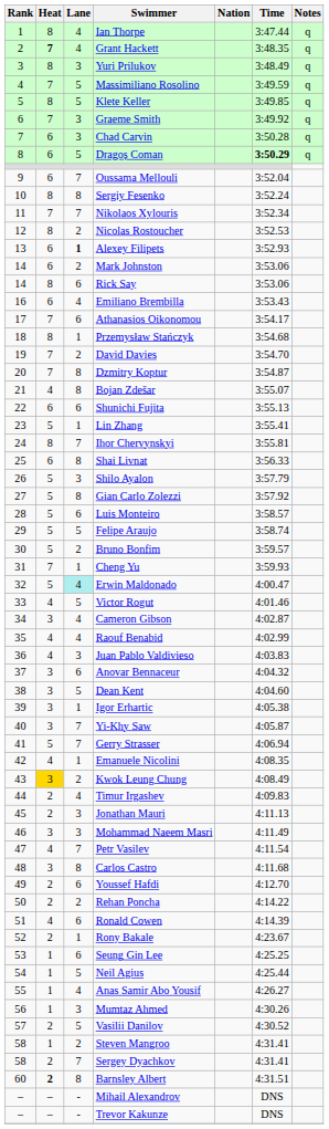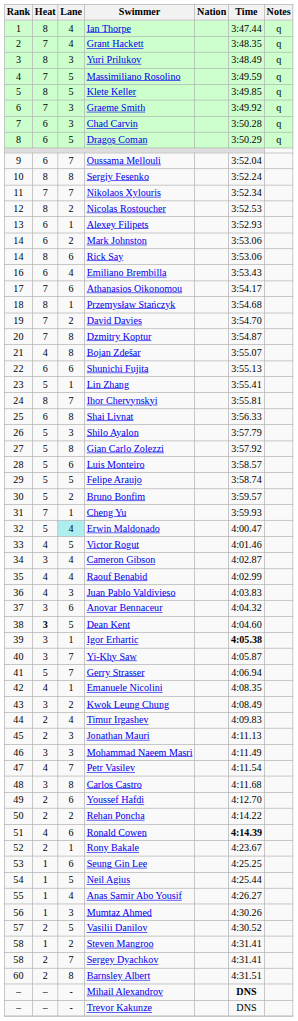 <table class="wikitable sortable" style="text-align:center">
 <tr>
 <th>Rank</th>
 <th>Heat</th>
 <th>Lane</th>
 <th>Swimmer</th>
 <th>Nation</th>
 <th>Time</th>
 <th>Notes</th>
 </tr>
 <tr bgcolor=ccffcc>
 <td>1</td>
 <td>8</td>
 <td>4</td>
 <td align=left><a href='#'>Ian Thorpe</a></td>
 <td align=left></td>
 <td>3:47.44</td>
 <td>q</td>
 </tr>
 <tr bgcolor=ccffcc>
 <td>2</td>
-<td><strong>7</strong></td>
+<td>7</td>
 <td>4</td>
 <td align=left><a href='#'>Grant Hackett</a></td>
 <td align=left></td>
 <td>3:48.35</td>
 <td>q</td>
 </tr>
 <tr bgcolor=ccffcc>
 <td>3</td>
 <td>8</td>
 <td>3</td>
 <td align=left><a href='#'>Yuri Prilukov</a></td>
 <td align=left></td>
 <td>3:48.49</td>
 <td>q</td>
 </tr>
 <tr bgcolor=ccffcc>
 <td>4</td>
 <td>7</td>
 <td>5</td>
 <td align=left><a href='#'>Massimiliano Rosolino</a></td>
 <td align=left></td>
 <td>3:49.59</td>
 <td>q</td>
 </tr>
 <tr bgcolor=ccffcc>
 <td>5</td>
 <td>8</td>
 <td>5</td>
 <td align=left><a href='#'>Klete Keller</a></td>
 <td align=left></td>
 <td>3:49.85</td>
 <td>q</td>
 </tr>
 <tr bgcolor=ccffcc>
 <td>6</td>
 <td>7</td>
 <td>3</td>
 <td align=left><a href='#'>Graeme Smith</a></td>
 <td align=left></td>
 <td>3:49.92</td>
 <td>q</td>
 </tr>
 <tr bgcolor=ccffcc>
 <td>7</td>
 <td>6</td>
 <td>3</td>
 <td align=left><a href='#'>Chad Carvin</a></td>
 <td align=left></td>
 <td>3:50.28</td>
 <td>q</td>
 </tr>
 <tr bgcolor=ccffcc>
 <td>8</td>
 <td>6</td>
 <td>5</td>
 <td align=left><a href='#'>Dragoș Coman</a></td>
 <td align=left></td>
-<td><strong>3:50.29</strong></td>
+<td>3:50.29</td>
 <td>q</td>
 </tr>
 <tr bgcolor=#DDDDDD>
 <td colspan=6></td>
 </tr>
 <tr>
 <td>9</td>
 <td>6</td>
 <td>7</td>
 <td align=left><a href='#'>Oussama Mellouli</a></td>
 <td align=left></td>
 <td>3:52.04</td>
 <td></td>
 </tr>
 <tr>
 <td>10</td>
 <td>8</td>
 <td>8</td>
 <td align=left><a href='#'>Sergiy Fesenko</a></td>
 <td align=left></td>
 <td>3:52.24</td>
 <td></td>
 </tr>
 <tr>
 <td>11</td>
 <td>7</td>
 <td>7</td>
 <td align=left><a href='#'>Nikolaos Xylouris</a></td>
 <td align=left></td>
 <td>3:52.34</td>
 <td></td>
 </tr>
 <tr>
 <td>12</td>
 <td>8</td>
 <td>2</td>
 <td align=left><a href='#'>Nicolas Rostoucher</a></td>
 <td align=left></td>
 <td>3:52.53</td>
 <td></td>
 </tr>
 <tr>
 <td>13</td>
 <td>6</td>
-<td><strong>1</strong></td>
+<td>1</td>
 <td align=left><a href='#'>Alexey Filipets</a></td>
 <td align=left></td>
 <td>3:52.93</td>
 <td></td>
 </tr>
 <tr>
 <td>14</td>
 <td>6</td>
 <td>2</td>
 <td align=left><a href='#'>Mark Johnston</a></td>
 <td align=left></td>
 <td>3:53.06</td>
 <td></td>
 </tr>
 <tr>
 <td>14</td>
 <td>8</td>
 <td>6</td>
 <td align=left><a href='#'>Rick Say</a></td>
 <td align=left></td>
 <td>3:53.06</td>
 <td></td>
 </tr>
 <tr>
 <td>16</td>
 <td>6</td>
 <td>4</td>
 <td align=left><a href='#'>Emiliano Brembilla</a></td>
 <td align=left></td>
 <td>3:53.43</td>
 <td></td>
 </tr>
 <tr>
 <td>17</td>
 <td>7</td>
 <td>6</td>
 <td align=left><a href='#'>Athanasios Oikonomou</a></td>
 <td align=left></td>
 <td>3:54.17</td>
 <td></td>
 </tr>
 <tr>
 <td>18</td>
 <td>8</td>
 <td>1</td>
 <td align=left><a href='#'>Przemysław Stańczyk</a></td>
 <td align=left></td>
 <td>3:54.68</td>
 <td></td>
 </tr>
 <tr>
 <td>19</td>
 <td>7</td>
 <td>2</td>
 <td align=left><a href='#'>David Davies</a></td>
 <td align=left></td>
 <td>3:54.70</td>
 <td></td>
 </tr>
 <tr>
 <td>20</td>
 <td>7</td>
 <td>8</td>
 <td align=left><a href='#'>Dzmitry Koptur</a></td>
 <td align=left></td>
 <td>3:54.87</td>
 <td></td>
 </tr>
 <tr>
 <td>21</td>
 <td>4</td>
 <td>8</td>
 <td align=left><a href='#'>Bojan Zdešar</a></td>
 <td align=left></td>
 <td>3:55.07</td>
 <td></td>
 </tr>
 <tr>
 <td>22</td>
 <td>6</td>
 <td>6</td>
 <td align=left><a href='#'>Shunichi Fujita</a></td>
 <td align=left></td>
 <td>3:55.13</td>
 <td></td>
 </tr>
 <tr>
 <td>23</td>
 <td>5</td>
 <td>1</td>
 <td align=left><a href='#'>Lin Zhang</a></td>
 <td align=left></td>
 <td>3:55.41</td>
 <td></td>
 </tr>
 <tr>
 <td>24</td>
 <td>8</td>
 <td>7</td>
 <td align=left><a href='#'>Ihor Chervynskyi</a></td>
 <td align=left></td>
 <td>3:55.81</td>
 <td></td>
 </tr>
 <tr>
 <td>25</td>
 <td>6</td>
 <td>8</td>
 <td align=left><a href='#'>Shai Livnat</a></td>
 <td align=left></td>
 <td>3:56.33</td>
 <td></td>
 </tr>
 <tr>
 <td>26</td>
 <td>5</td>
 <td>3</td>
 <td align=left><a href='#'>Shilo Ayalon</a></td>
 <td align=left></td>
 <td>3:57.79</td>
 <td></td>
 </tr>
 <tr>
 <td>27</td>
 <td>5</td>
 <td>8</td>
 <td align=left><a href='#'>Gian Carlo Zolezzi</a></td>
 <td align=left></td>
 <td>3:57.92</td>
 <td></td>
 </tr>
 <tr>
 <td>28</td>
 <td>5</td>
 <td>6</td>
 <td align=left><a href='#'>Luis Monteiro</a></td>
 <td align=left></td>
 <td>3:58.57</td>
 <td></td>
 </tr>
 <tr>
 <td>29</td>
 <td>5</td>
 <td>5</td>
 <td align=left><a href='#'>Felipe Araujo</a></td>
 <td align=left></td>
 <td>3:58.74</td>
 <td></td>
 </tr>
 <tr>
 <td>30</td>
 <td>5</td>
 <td>2</td>
 <td align=left><a href='#'>Bruno Bonfim</a></td>
 <td align=left></td>
 <td>3:59.57</td>
 <td></td>
 </tr>
 <tr>
 <td>31</td>
 <td>7</td>
 <td>1</td>
 <td align=left><a href='#'>Cheng Yu</a></td>
 <td align=left></td>
 <td>3:59.93</td>
 <td></td>
 </tr>
 <tr>
 <td>32</td>
 <td>5</td>
 <td style="background: paleturquoise;">4</td>
 <td align=left><a href='#'>Erwin Maldonado</a></td>
 <td align=left></td>
 <td>4:00.47</td>
 <td></td>
 </tr>
 <tr>
 <td>33</td>
 <td>4</td>
 <td>5</td>
 <td align=left><a href='#'>Victor Rogut</a></td>
 <td align=left></td>
 <td>4:01.46</td>
 <td></td>
 </tr>
 <tr>
 <td>34</td>
 <td>3</td>
 <td>4</td>
 <td align=left><a href='#'>Cameron Gibson</a></td>
 <td align=left></td>
 <td>4:02.87</td>
 <td></td>
 </tr>
 <tr>
 <td>35</td>
 <td>4</td>
 <td>4</td>
 <td align=left><a href='#'>Raouf Benabid</a></td>
 <td align=left></td>
 <td>4:02.99</td>
 <td></td>
 </tr>
 <tr>
 <td>36</td>
 <td>4</td>
 <td>3</td>
 <td align=left><a href='#'>Juan Pablo Valdivieso</a></td>
 <td align=left></td>
 <td>4:03.83</td>
 <td></td>
 </tr>
 <tr>
 <td>37</td>
 <td>3</td>
 <td>6</td>
 <td align=left><a href='#'>Anovar Bennaceur</a></td>
 <td align=left></td>
 <td>4:04.32</td>
 <td></td>
 </tr>
 <tr>
 <td>38</td>
-<td>3</td>
+<td><strong>3</strong></td>
 <td>5</td>
 <td align=left><a href='#'>Dean Kent</a></td>
 <td align=left></td>
 <td>4:04.60</td>
 <td></td>
 </tr>
 <tr>
 <td>39</td>
 <td>3</td>
 <td>1</td>
 <td align=left><a href='#'>Igor Erhartic</a></td>
 <td align=left></td>
-<td>4:05.38</td>
+<td><strong>4:05.38</strong></td>
 <td></td>
 </tr>
 <tr>
 <td>40</td>
 <td>3</td>
 <td>7</td>
 <td align=left><a href='#'>Yi-Khy Saw</a></td>
 <td align=left></td>
 <td>4:05.87</td>
 <td></td>
 </tr>
 <tr>
 <td>41</td>
 <td>5</td>
 <td>7</td>
 <td align=left><a href='#'>Gerry Strasser</a></td>
 <td align=left></td>
 <td>4:06.94</td>
 <td></td>
 </tr>
 <tr>
 <td>42</td>
 <td>4</td>
 <td>1</td>
 <td align=left><a href='#'>Emanuele Nicolini</a></td>
 <td align=left></td>
 <td>4:08.35</td>
 <td></td>
 </tr>
 <tr>
 <td>43</td>
-<td style="background: gold;">3</td>
+<td>3</td>
 <td>2</td>
 <td align=left><a href='#'>Kwok Leung Chung</a></td>
 <td align=left></td>
 <td>4:08.49</td>
 <td></td>
 </tr>
 <tr>
 <td>44</td>
 <td>2</td>
 <td>4</td>
 <td align=left><a href='#'>Timur Irgashev</a></td>
 <td align=left></td>
 <td>4:09.83</td>
 <td></td>
 </tr>
 <tr>
 <td>45</td>
 <td>2</td>
 <td>3</td>
 <td align=left><a href='#'>Jonathan Mauri</a></td>
 <td align=left></td>
 <td>4:11.13</td>
 <td></td>
 </tr>
 <tr>
 <td>46</td>
 <td>3</td>
 <td>3</td>
 <td align=left><a href='#'>Mohammad Naeem Masri</a></td>
 <td align=left></td>
 <td>4:11.49</td>
 <td></td>
 </tr>
 <tr>
 <td>47</td>
 <td>4</td>
 <td>7</td>
 <td align=left><a href='#'>Petr Vasilev</a></td>
 <td align=left></td>
 <td>4:11.54</td>
 <td></td>
 </tr>
 <tr>
 <td>48</td>
 <td>3</td>
 <td>8</td>
 <td align=left><a href='#'>Carlos Castro</a></td>
 <td align=left></td>
 <td>4:11.68</td>
 <td></td>
 </tr>
 <tr>
 <td>49</td>
 <td>2</td>
 <td>6</td>
 <td align=left><a href='#'>Youssef Hafdi</a></td>
 <td align=left></td>
 <td>4:12.70</td>
 <td></td>
 </tr>
 <tr>
 <td>50</td>
 <td>2</td>
 <td>2</td>
 <td align=left><a href='#'>Rehan Poncha</a></td>
 <td align=left></td>
 <td>4:14.22</td>
 <td></td>
 </tr>
 <tr>
 <td>51</td>
 <td>4</td>
 <td>6</td>
 <td align=left><a href='#'>Ronald Cowen</a></td>
 <td align=left></td>
-<td>4:14.39</td>
+<td><strong>4:14.39</strong></td>
 <td></td>
 </tr>
 <tr>
 <td>52</td>
 <td>2</td>
 <td>1</td>
 <td align=left><a href='#'>Rony Bakale</a></td>
 <td align=left></td>
 <td>4:23.67</td>
 <td></td>
 </tr>
 <tr>
 <td>53</td>
 <td>1</td>
 <td>6</td>
 <td align=left><a href='#'>Seung Gin Lee</a></td>
 <td align=left></td>
 <td>4:25.25</td>
 <td></td>
 </tr>
 <tr>
 <td>54</td>
 <td>1</td>
 <td>5</td>
 <td align=left><a href='#'>Neil Agius</a></td>
 <td align=left></td>
 <td>4:25.44</td>
 <td></td>
 </tr>
 <tr>
 <td>55</td>
 <td>1</td>
 <td>4</td>
 <td align=left><a href='#'>Anas Samir Abo Yousif</a></td>
 <td align=left></td>
 <td>4:26.27</td>
 <td></td>
 </tr>
 <tr>
 <td>56</td>
 <td>1</td>
 <td>3</td>
 <td align=left><a href='#'>Mumtaz Ahmed</a></td>
 <td align=left></td>
 <td>4:30.26</td>
 <td></td>
 </tr>
 <tr>
 <td>57</td>
 <td>2</td>
 <td>5</td>
 <td align=left><a href='#'>Vasilii Danilov</a></td>
 <td align=left></td>
 <td>4:30.52</td>
 <td></td>
 </tr>
 <tr>
 <td>58</td>
 <td>1</td>
 <td>2</td>
 <td align=left><a href='#'>Steven Mangroo</a></td>
 <td align=left></td>
 <td>4:31.41</td>
 <td></td>
 </tr>
 <tr>
 <td>58</td>
 <td>2</td>
 <td>7</td>
 <td align=left><a href='#'>Sergey Dyachkov</a></td>
 <td align=left></td>
 <td>4:31.41</td>
 <td></td>
 </tr>
 <tr>
 <td>60</td>
-<td><strong>2</strong></td>
+<td>2</td>
 <td>8</td>
 <td align=left><a href='#'>Barnsley Albert</a></td>
 <td align=left></td>
 <td>4:31.51</td>
 <td></td>
 </tr>
 <tr>
 <td>–</td>
 <td>–</td>
 <td>-</td>
 <td align=left><a href='#'>Mihail Alexandrov</a></td>
 <td align=left></td>
-<td>DNS</td>
+<td><strong>DNS</strong></td>
 <td></td>
 </tr>
 <tr>
 <td>–</td>
 <td>–</td>
 <td>-</td>
 <td align=left><a href='#'>Trevor Kakunze</a></td>
 <td align=left></td>
 <td>DNS</td>
 <td></td>
 </tr>
 <tr>
 </tr>
 </table>
